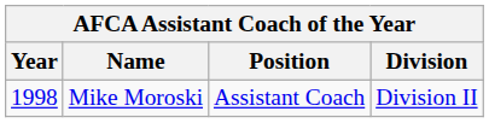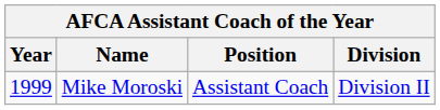 <table class="wikitable">
 <tr align="center">
 <th colspan=5>AFCA Assistant Coach of the Year</th>
 </tr>
 <tr>
 <th>Year</th>
 <th>Name</th>
 <th>Position</th>
 <th>Division</th>
 </tr>
 <tr align="center" bgcolor="">
-<td><a href='#'>1998</a></td>
+<td><a href='#'>1999</a></td>
 <td><a href='#'>Mike Moroski</a></td>
 <td><a href='#'>Assistant Coach</a></td>
 <td><a href='#'>Division II</a></td>
 </tr>
 </table>
